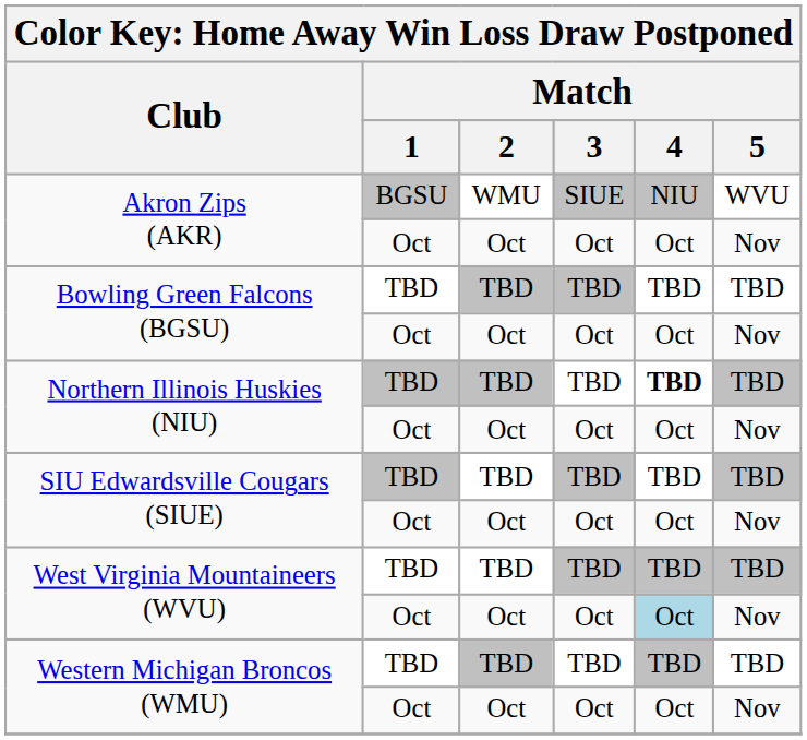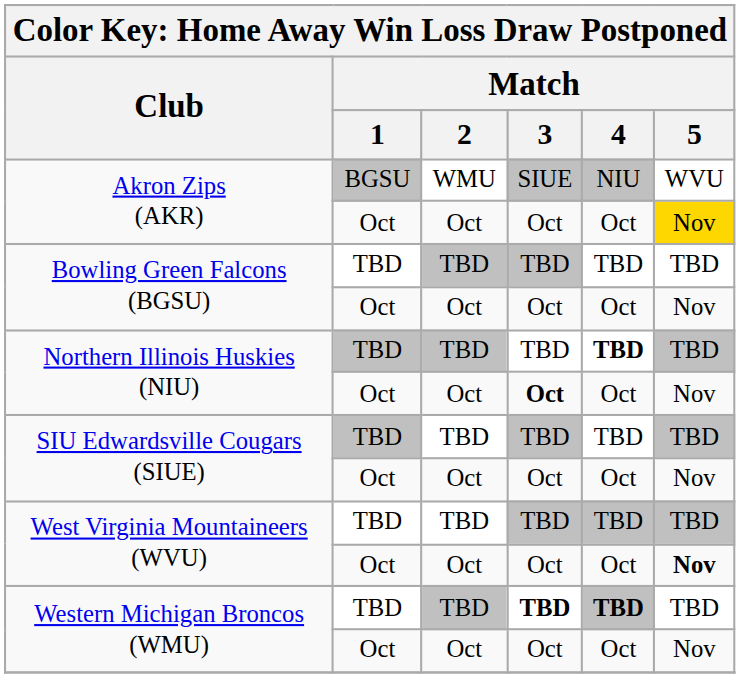 <table class="wikitable" style="text-align:center">
 <tr>
 <th colspan="6">Color Key: <span>Home</span>  <span>Away</span>  <span>Win</span>  <span>Loss</span>  <span>Draw</span>  <span>Postponed</span></th>
 </tr>
 <tr>
 <th rowspan="2">Club</th>
 <th colspan="5">Match</th>
 </tr>
 <tr style="background-color:#CCCCCC; font-size: 90%">
 <th>1</th>
 <th>2</th>
 <th>3</th>
 <th>4</th>
 <th>5<br></th>
 </tr>
 <tr style="font-size: 75%">
 <td rowspan="2"><a href='#'>Akron Zips</a><br>(AKR)</td>
 <td bgcolor=#C0C0C0>BGSU</td>
 <td bgcolor=#FFFFFF>WMU</td>
 <td bgcolor=#C0C0C0>SIUE</td>
 <td bgcolor=#C0C0C0>NIU</td>
 <td bgcolor=#FFFFFF>WVU</td>
 </tr>
 <tr style="font-size: 75%">
 <td>Oct</td>
 <td>Oct</td>
 <td>Oct</td>
 <td>Oct</td>
-<td>Nov</td>
+<td style="background: gold;">Nov</td>
 </tr>
 <tr style="font-size: 75%">
 <td rowspan="2"><a href='#'>Bowling Green Falcons</a><br>(BGSU)</td>
 <td bgcolor=#FFFFFF>TBD</td>
 <td bgcolor="#C0C0C0">TBD</td>
 <td bgcolor="#C0C0C0">TBD</td>
 <td bgcolor="#FFFFFF">TBD</td>
 <td bgcolor="#FFFFFF">TBD</td>
 </tr>
 <tr style="font-size: 75%">
 <td>Oct</td>
 <td>Oct</td>
 <td>Oct</td>
 <td>Oct</td>
 <td>Nov</td>
 </tr>
 <tr style="font-size: 75%">
 <td rowspan="2"><a href='#'>Northern Illinois Huskies</a><br>(NIU)</td>
 <td bgcolor=#C0C0C0>TBD</td>
 <td bgcolor="#C0C0C0">TBD</td>
 <td bgcolor="#FFFFFF">TBD</td>
 <td bgcolor="#FFFFFF"><strong>TBD</strong></td>
 <td bgcolor="#C0C0C0">TBD</td>
 </tr>
 <tr style="font-size: 75%">
 <td>Oct</td>
 <td>Oct</td>
-<td>Oct</td>
+<td><strong>Oct</strong></td>
 <td>Oct</td>
 <td>Nov</td>
 </tr>
 <tr style="font-size: 75%">
 <td rowspan="2"><a href='#'>SIU Edwardsville Cougars</a><br>(SIUE)</td>
 <td bgcolor=#C0C0C0>TBD</td>
 <td bgcolor="#FFFFFF">TBD</td>
 <td bgcolor="#C0C0C0">TBD</td>
 <td bgcolor="#FFFFFF">TBD</td>
 <td bgcolor="#C0C0C0">TBD</td>
 </tr>
 <tr style="font-size: 75%">
 <td>Oct</td>
 <td>Oct</td>
 <td>Oct</td>
 <td>Oct</td>
 <td>Nov</td>
 </tr>
 <tr style="font-size: 75%">
 <td rowspan="2"><a href='#'>West Virginia Mountaineers</a><br>(WVU)</td>
 <td bgcolor=#FFFFFF>TBD</td>
 <td bgcolor="#FFFFFF">TBD</td>
 <td bgcolor="#C0C0C0">TBD</td>
 <td bgcolor="#C0C0C0">TBD</td>
 <td bgcolor="#C0C0C0">TBD</td>
 </tr>
 <tr style="font-size: 75%">
 <td>Oct</td>
 <td>Oct</td>
 <td>Oct</td>
-<td style="background: lightblue;">Oct</td>
-<td>Nov</td>
+<td>Oct</td>
+<td><strong>Nov</strong></td>
 </tr>
 <tr style="font-size: 75%">
 <td rowspan="2"><a href='#'>Western Michigan Broncos</a><br>(WMU)</td>
 <td bgcolor=#FFFFFF>TBD</td>
 <td bgcolor="#C0C0C0">TBD</td>
-<td bgcolor="#FFFFFF">TBD</td>
-<td bgcolor="#C0C0C0">TBD</td>
+<td bgcolor="#FFFFFF"><strong>TBD</strong></td>
+<td bgcolor="#C0C0C0"><strong>TBD</strong></td>
 <td bgcolor="#FFFFFF">TBD</td>
 </tr>
 <tr style="font-size: 75%">
 <td>Oct</td>
 <td>Oct</td>
 <td>Oct</td>
 <td>Oct</td>
 <td>Nov</td>
 </tr>
 <tr style="font-size: 75%">
 </tr>
 <tr>
 </tr>
 </table>
